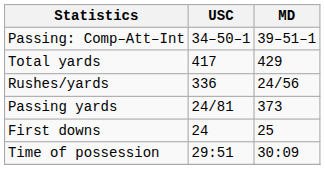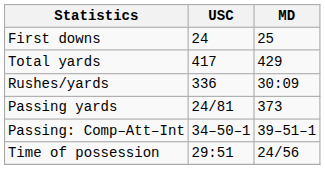 <table class="wikitable" style="float: left;">
 <tr>
 <th>Statistics</th>
 <th>USC</th>
 <th>MD</th>
 </tr>
 <tr>
-<td>Passing: Comp–Att–Int</td>
-<td>34–50–1</td>
-<td>39–51–1</td>
+<td>First downs</td>
+<td>24</td>
+<td>25</td>
 </tr>
 <tr>
 <td>Total yards</td>
 <td>417</td>
 <td>429</td>
 </tr>
 <tr>
 <td>Rushes/yards</td>
 <td>336</td>
-<td>24/56</td>
+<td>30:09</td>
 </tr>
 <tr>
 <td>Passing yards</td>
 <td>24/81</td>
 <td>373</td>
 </tr>
 <tr>
-<td>First downs</td>
-<td>24</td>
-<td>25</td>
+<td>Passing: Comp–Att–Int</td>
+<td>34–50–1</td>
+<td>39–51–1</td>
 </tr>
 <tr>
 <td>Time of possession</td>
 <td>29:51</td>
-<td>30:09</td>
+<td>24/56</td>
 </tr>
 <tr>
 </tr>
 </table>
